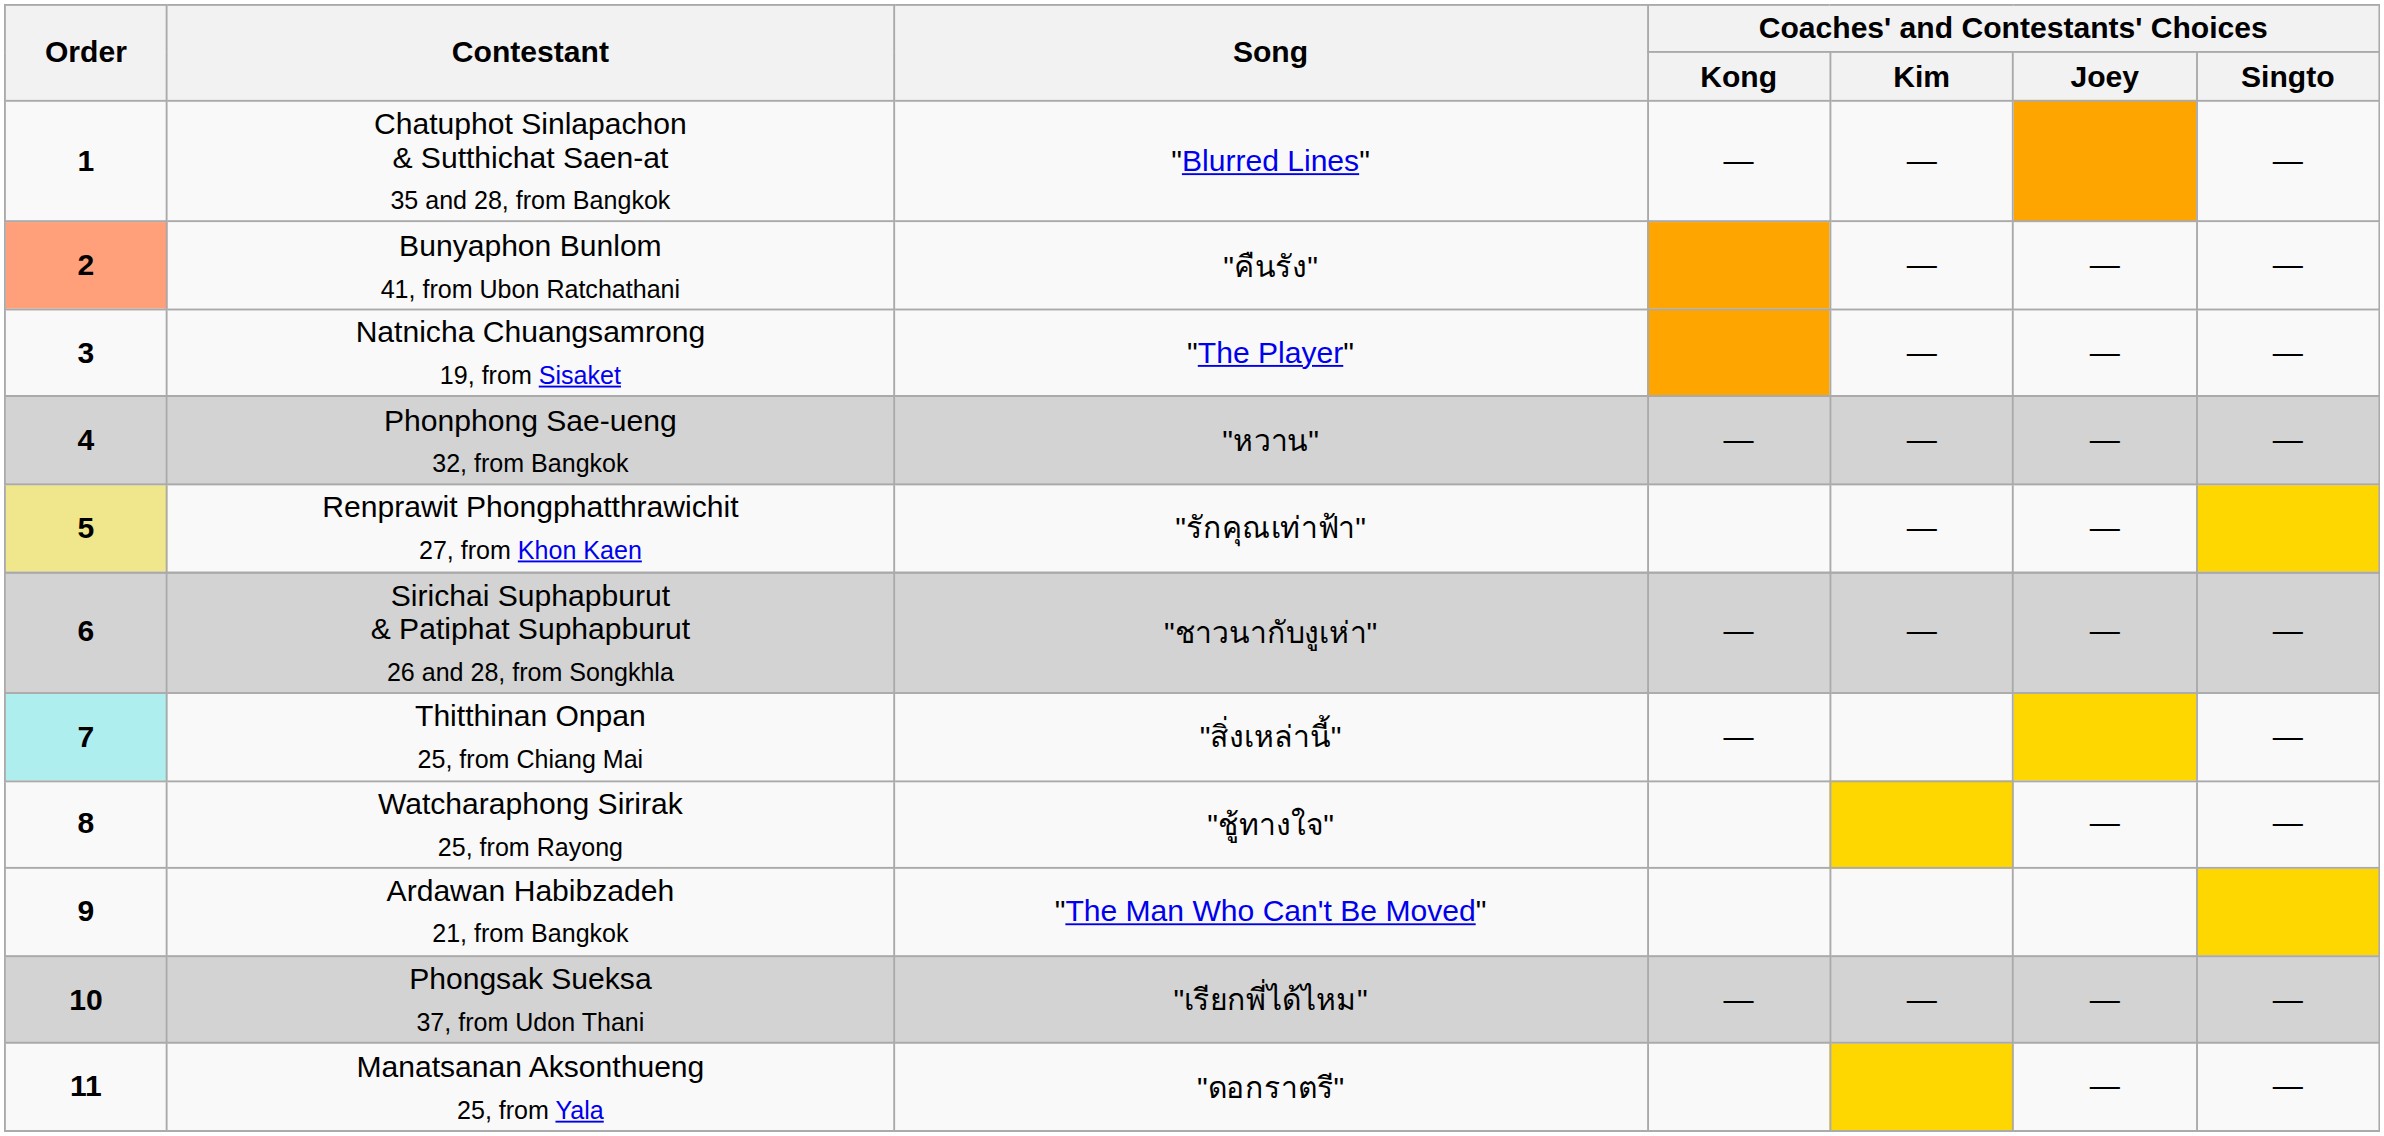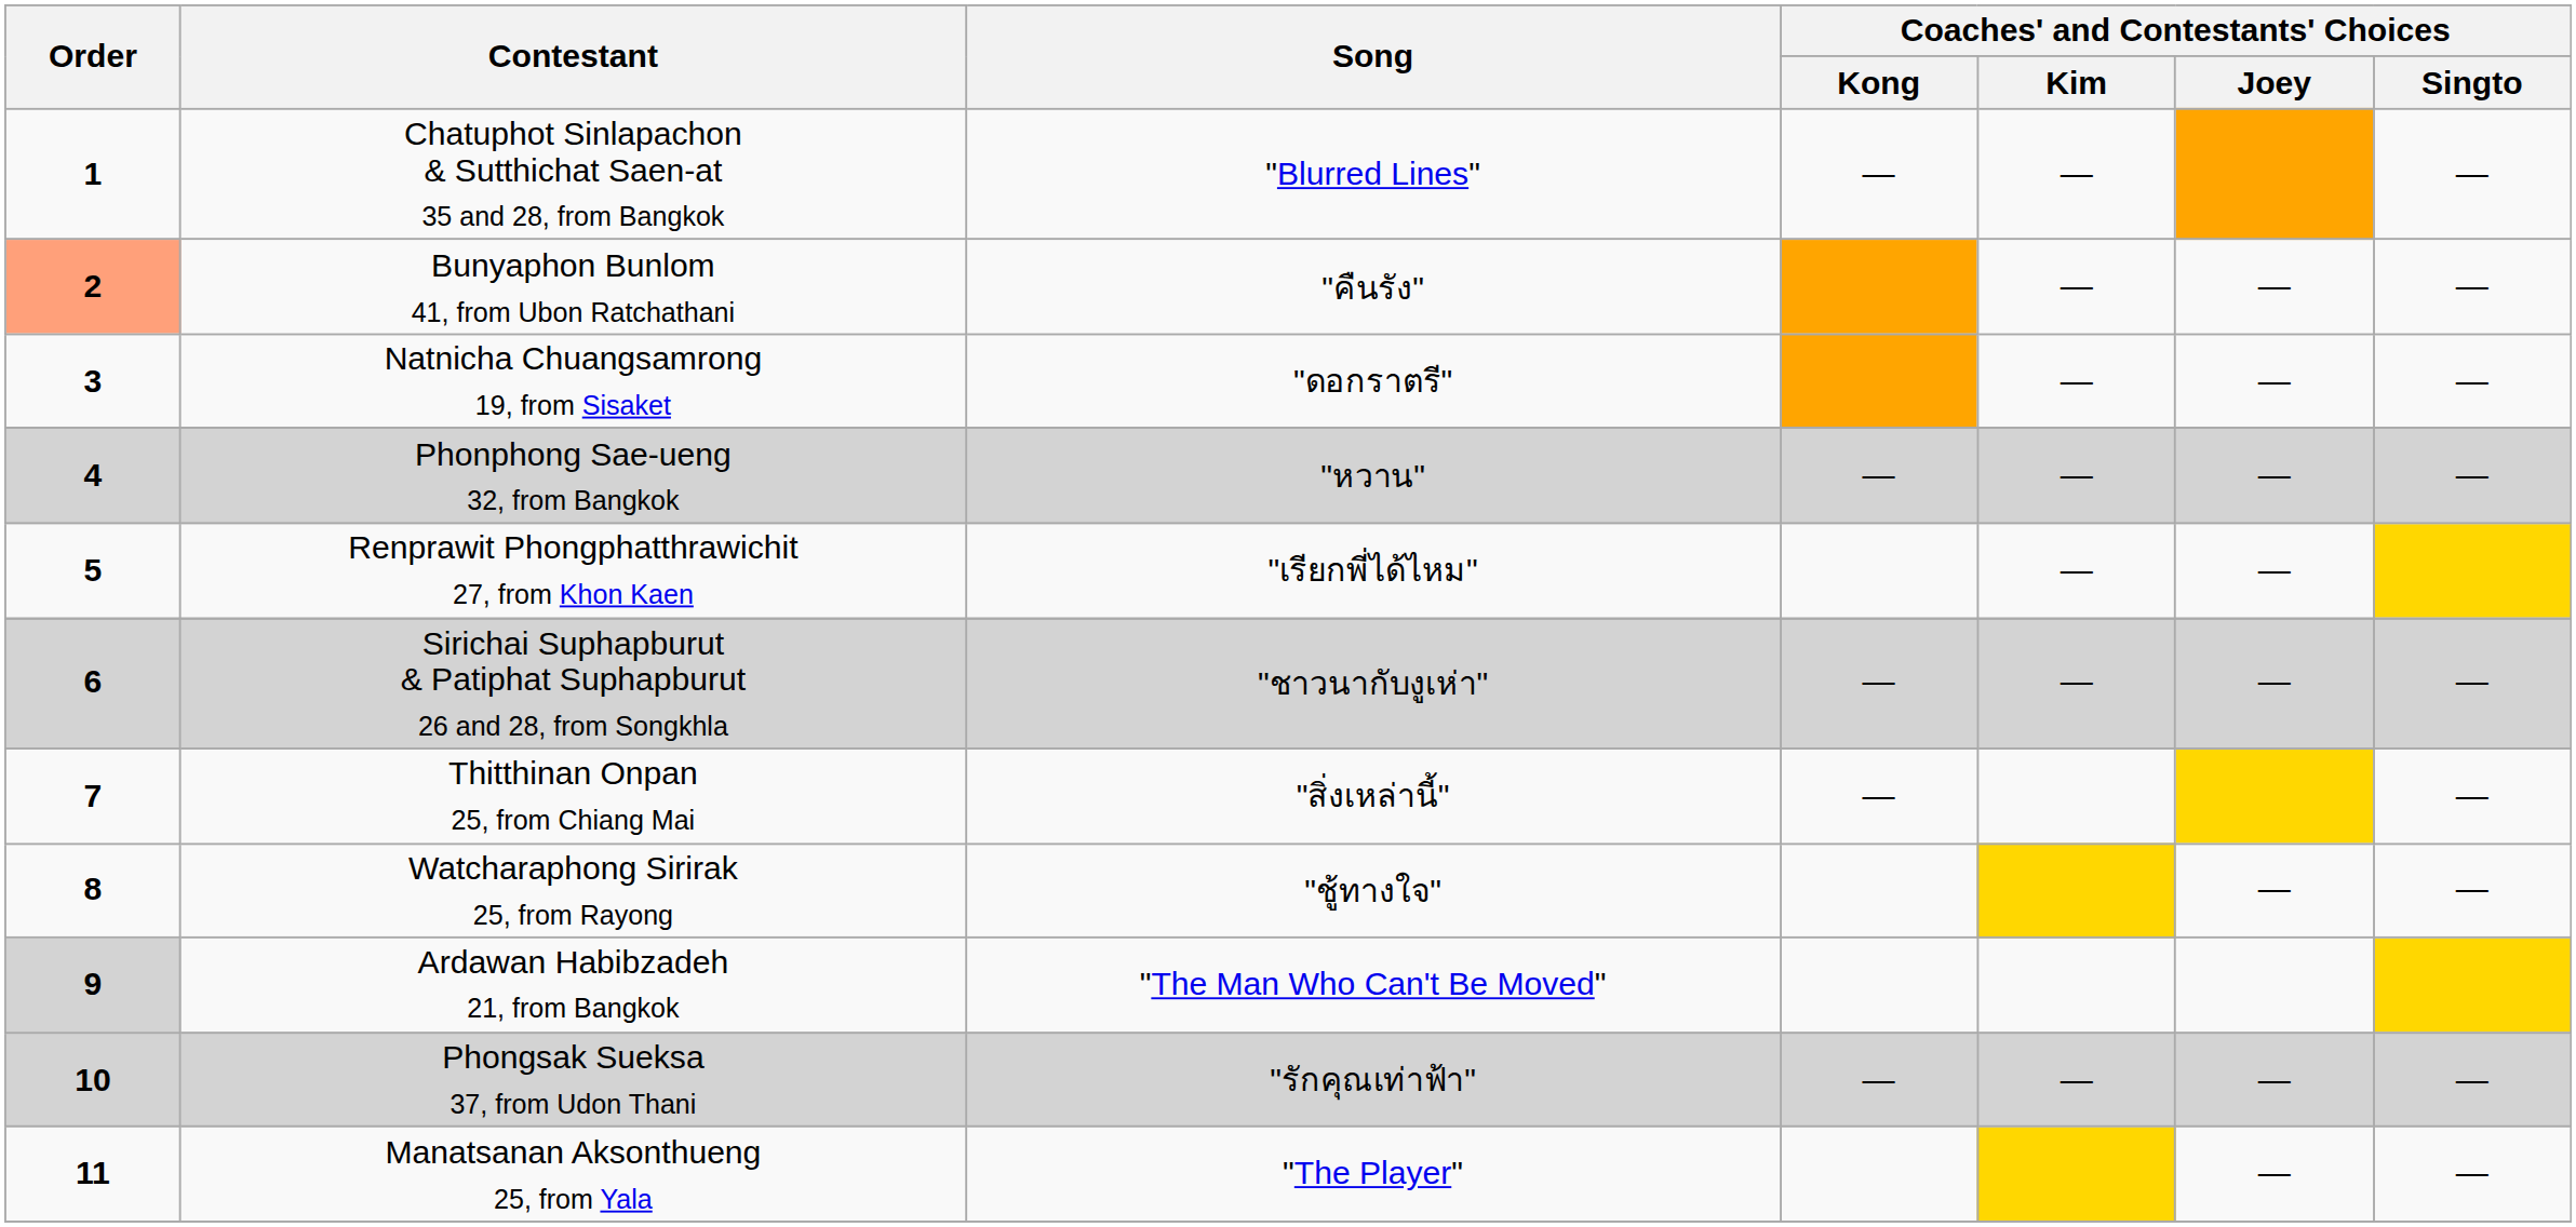 <table class="wikitable" style="text-align:center; width:100%;">
 <tr>
 <th rowspan=2>Order</th>
 <th rowspan=2>Contestant</th>
 <th rowspan=2>Song</th>
 <th colspan=4>Coaches' and Contestants' Choices</th>
 </tr>
 <tr>
 <th width="90">Kong</th>
 <th width="90">Kim</th>
 <th width="90">Joey</th>
 <th width="90">Singto</th>
 </tr>
 <tr>
 <td style="text-align:center"><strong>1</strong></td>
 <td>Chatuphot Sinlapachon<br>& Sutthichat Saen-at<br><sub>35 and 28, from Bangkok</sub></td>
 <td>"<a href='#'>Blurred Lines</a>"</td>
 <td style="text-align:center;">—</td>
 <td style="text-align:center;">—</td>
 <td style="background:orange;text-align:center;"></td>
 <td style="text-align:center;">—</td>
 </tr>
 <tr>
 <td style="background: lightsalmon; text-align:center"><strong>2</strong></td>
 <td>Bunyaphon Bunlom<br><sub>41, from Ubon Ratchathani</sub></td>
 <td>"คืนรัง"</td>
 <td style="background:orange;text-align:center;"></td>
 <td style="text-align:center;">—</td>
 <td style="text-align:center;">—</td>
 <td style="text-align:center;">—</td>
 </tr>
 <tr>
 <td style="text-align:center"><strong>3</strong></td>
 <td>Natnicha Chuangsamrong<br><sub>19, from <a href='#'>Sisaket</a></sub></td>
-<td>"<a href='#'>The Player</a>"</td>
+<td>"ดอกราตรี"</td>
 <td style="background:orange;text-align:center;"></td>
 <td style="text-align:center;">—</td>
 <td style="text-align:center;">—</td>
 <td style="text-align:center;">—</td>
 </tr>
 <tr>
 </tr>
 <tr bgcolor=lightgrey>
 <td style="text-align:center"><strong>4</strong></td>
 <td>Phonphong  Sae-ueng<br><sub>32, from Bangkok</sub></td>
 <td>"หวาน"</td>
 <td style="text-align:center;">—</td>
 <td style="text-align:center;">—</td>
 <td style="text-align:center;">—</td>
 <td style="text-align:center;">—</td>
 </tr>
 <tr>
-<td style="background: khaki; text-align:center"><strong>5</strong></td>
+<td style="text-align:center"><strong>5</strong></td>
 <td>Renprawit Phongphatthrawichit<br><sub>27, from <a href='#'>Khon Kaen</a></sub></td>
-<td>"รักคุณเท่าฟ้า"</td>
+<td>"เรียกพี่ได้ไหม"</td>
 <td style="text-align:center;"></td>
 <td style="text-align:center;">—</td>
 <td style="text-align:center;">—</td>
 <td style="background:gold;text-align:center;"></td>
 </tr>
 <tr>
 </tr>
 <tr bgcolor=lightgrey>
 <td style="text-align:center"><strong>6</strong></td>
 <td>Sirichai Suphapburut<br>& Patiphat Suphapburut<br><sub>26 and 28, from Songkhla</sub></td>
 <td>"ชาวนากับงูเห่า"</td>
 <td style="text-align:center;">—</td>
 <td style="text-align:center;">—</td>
 <td style="text-align:center;">—</td>
 <td style="text-align:center;">—</td>
 </tr>
 <tr>
-<td style="background: paleturquoise; text-align:center"><strong>7</strong></td>
+<td style="text-align:center"><strong>7</strong></td>
 <td>Thitthinan Onpan<br><sub>25, from Chiang Mai</sub></td>
 <td>"สิ่งเหล่านี้"</td>
 <td style="text-align:center;">—</td>
 <td style="text-align:center;"></td>
 <td style="background:gold;text-align:center;"></td>
 <td style="text-align:center;">—</td>
 </tr>
 <tr>
 <td style="text-align:center"><strong>8</strong></td>
 <td>Watcharaphong Sirirak<br><sub>25, from Rayong</sub></td>
 <td>"ชู้ทางใจ"</td>
 <td style="text-align:center;"></td>
 <td style="background:gold;text-align:center;"></td>
 <td style="text-align:center;">—</td>
 <td style="text-align:center;">—</td>
 </tr>
 <tr>
-<td style="text-align:center"><strong>9</strong></td>
+<td style="background: lightgrey; text-align:center"><strong>9</strong></td>
 <td>Ardawan Habibzadeh<br><sub>21, from Bangkok</sub></td>
 <td>"<a href='#'>The Man Who Can't Be Moved</a>"</td>
 <td style="text-align:center;"></td>
 <td style="text-align:center;"></td>
 <td style="text-align:center;"></td>
 <td style="background:gold;text-align:center;"></td>
 </tr>
 <tr bgcolor=lightgrey>
 <td style="text-align:center"><strong>10</strong></td>
 <td>Phongsak Sueksa<br><sub>37, from Udon Thani</sub></td>
-<td>"เรียกพี่ได้ไหม"</td>
+<td>"รักคุณเท่าฟ้า"</td>
 <td style="text-align:center;">—</td>
 <td style="text-align:center;">—</td>
 <td style="text-align:center;">—</td>
 <td style="text-align:center;">—</td>
 </tr>
 <tr>
 <td style="text-align:center"><strong>11</strong></td>
 <td>Manatsanan Aksonthueng<br><sub>25, from <a href='#'>Yala</a></sub></td>
-<td>"ดอกราตรี"</td>
+<td>"<a href='#'>The Player</a>"</td>
 <td style="text-align:center;"></td>
 <td style="background:gold;text-align:center;"></td>
 <td style="text-align:center;">—</td>
 <td style="text-align:center;">—</td>
 </tr>
 <tr>
 </tr>
 </table>
